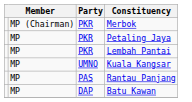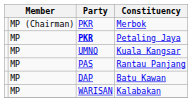 <table class="sortable wikitable">
 <tr>
 <th colspan="2" valign="top">Member</th>
 <th valign="top">Party</th>
 <th valign="top">Constituency</th>
 </tr>
 <tr>
 <td></td>
 <td> MP (Chairman)</td>
 <td><a href='#'>PKR</a></td>
 <td><a href='#'>Merbok</a></td>
 </tr>
 <tr>
 <td></td>
 <td> MP</td>
-<td><a href='#'>PKR</a></td>
+<td><strong><a href='#'>PKR</a></strong></td>
 <td><a href='#'>Petaling Jaya</a></td>
-</tr>
-<tr>
-<td></td>
-<td> MP</td>
-<td><a href='#'>PKR</a></td>
-<td><a href='#'>Lembah Pantai</a></td>
 </tr>
 <tr>
 <td></td>
 <td> MP</td>
 <td><a href='#'>UMNO</a></td>
 <td><a href='#'>Kuala Kangsar</a></td>
 </tr>
 <tr>
 <td></td>
 <td> MP</td>
 <td><a href='#'>PAS</a></td>
 <td><a href='#'>Rantau Panjang</a></td>
 </tr>
 <tr>
 <td></td>
 <td> MP</td>
 <td><a href='#'>DAP</a></td>
 <td><a href='#'>Batu Kawan</a></td>
 </tr>
 <tr>
+<td></td>
+<td> MP</td>
+<td><a href='#'>WARISAN</a></td>
+<td><a href='#'>Kalabakan</a></td>
+</tr>
+<tr>
 </tr>
 </table>
